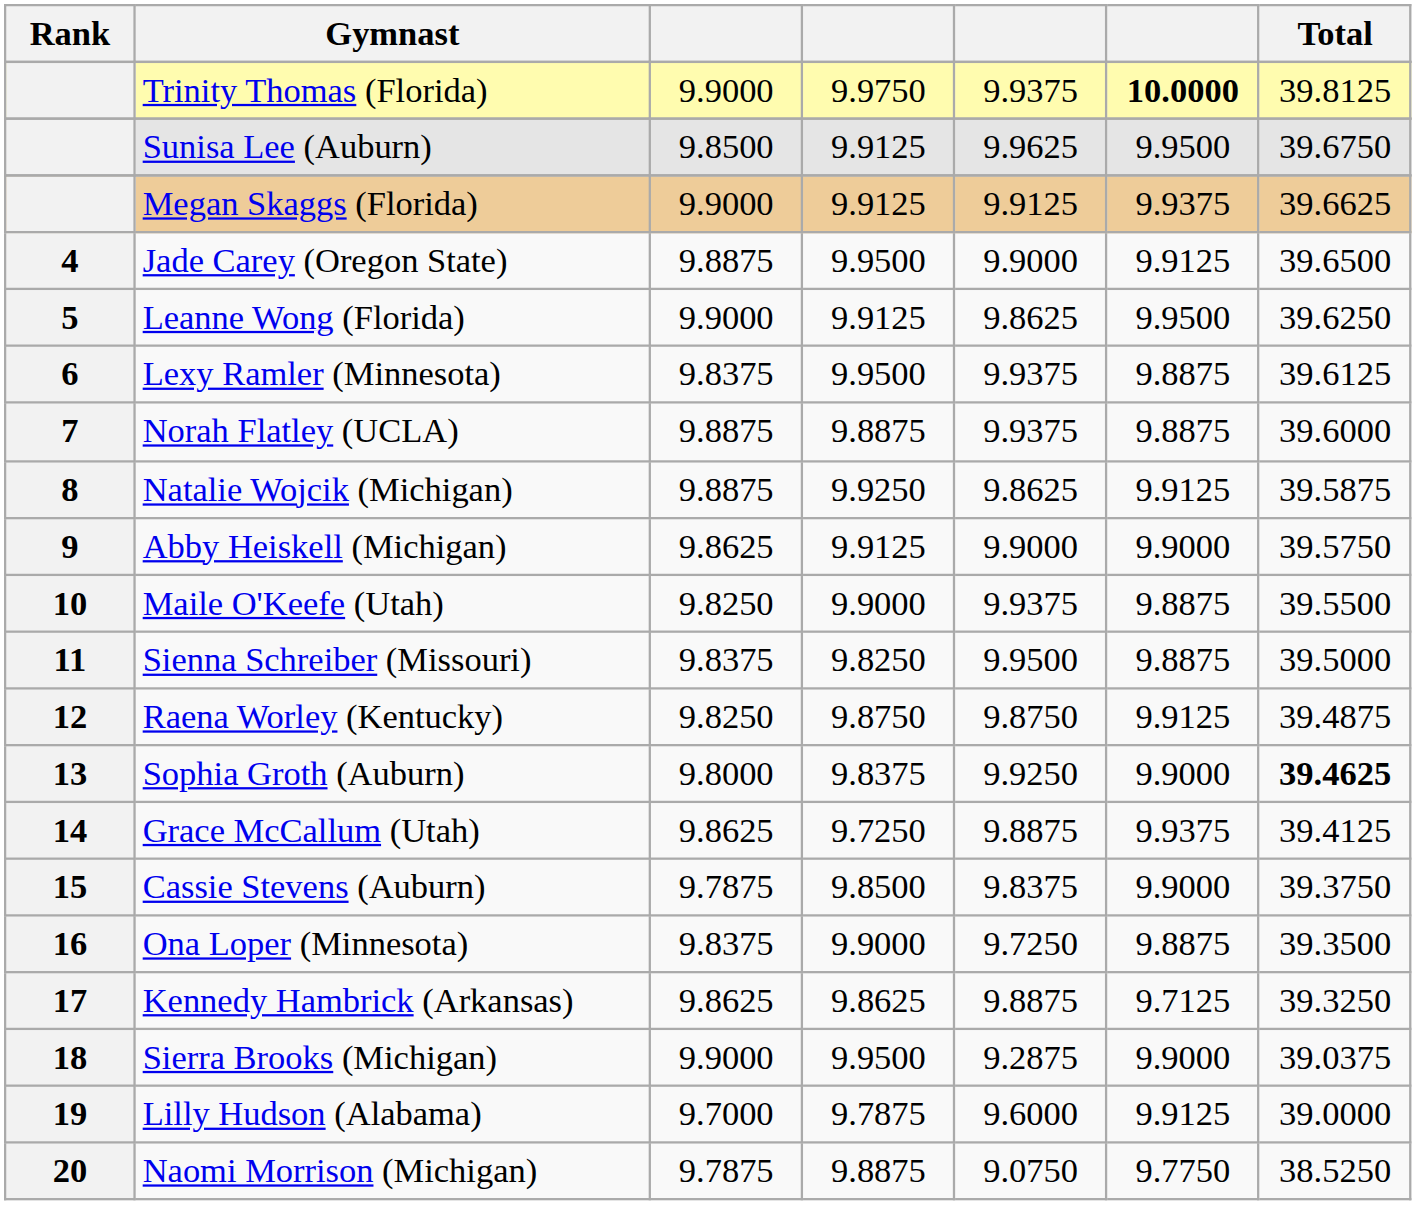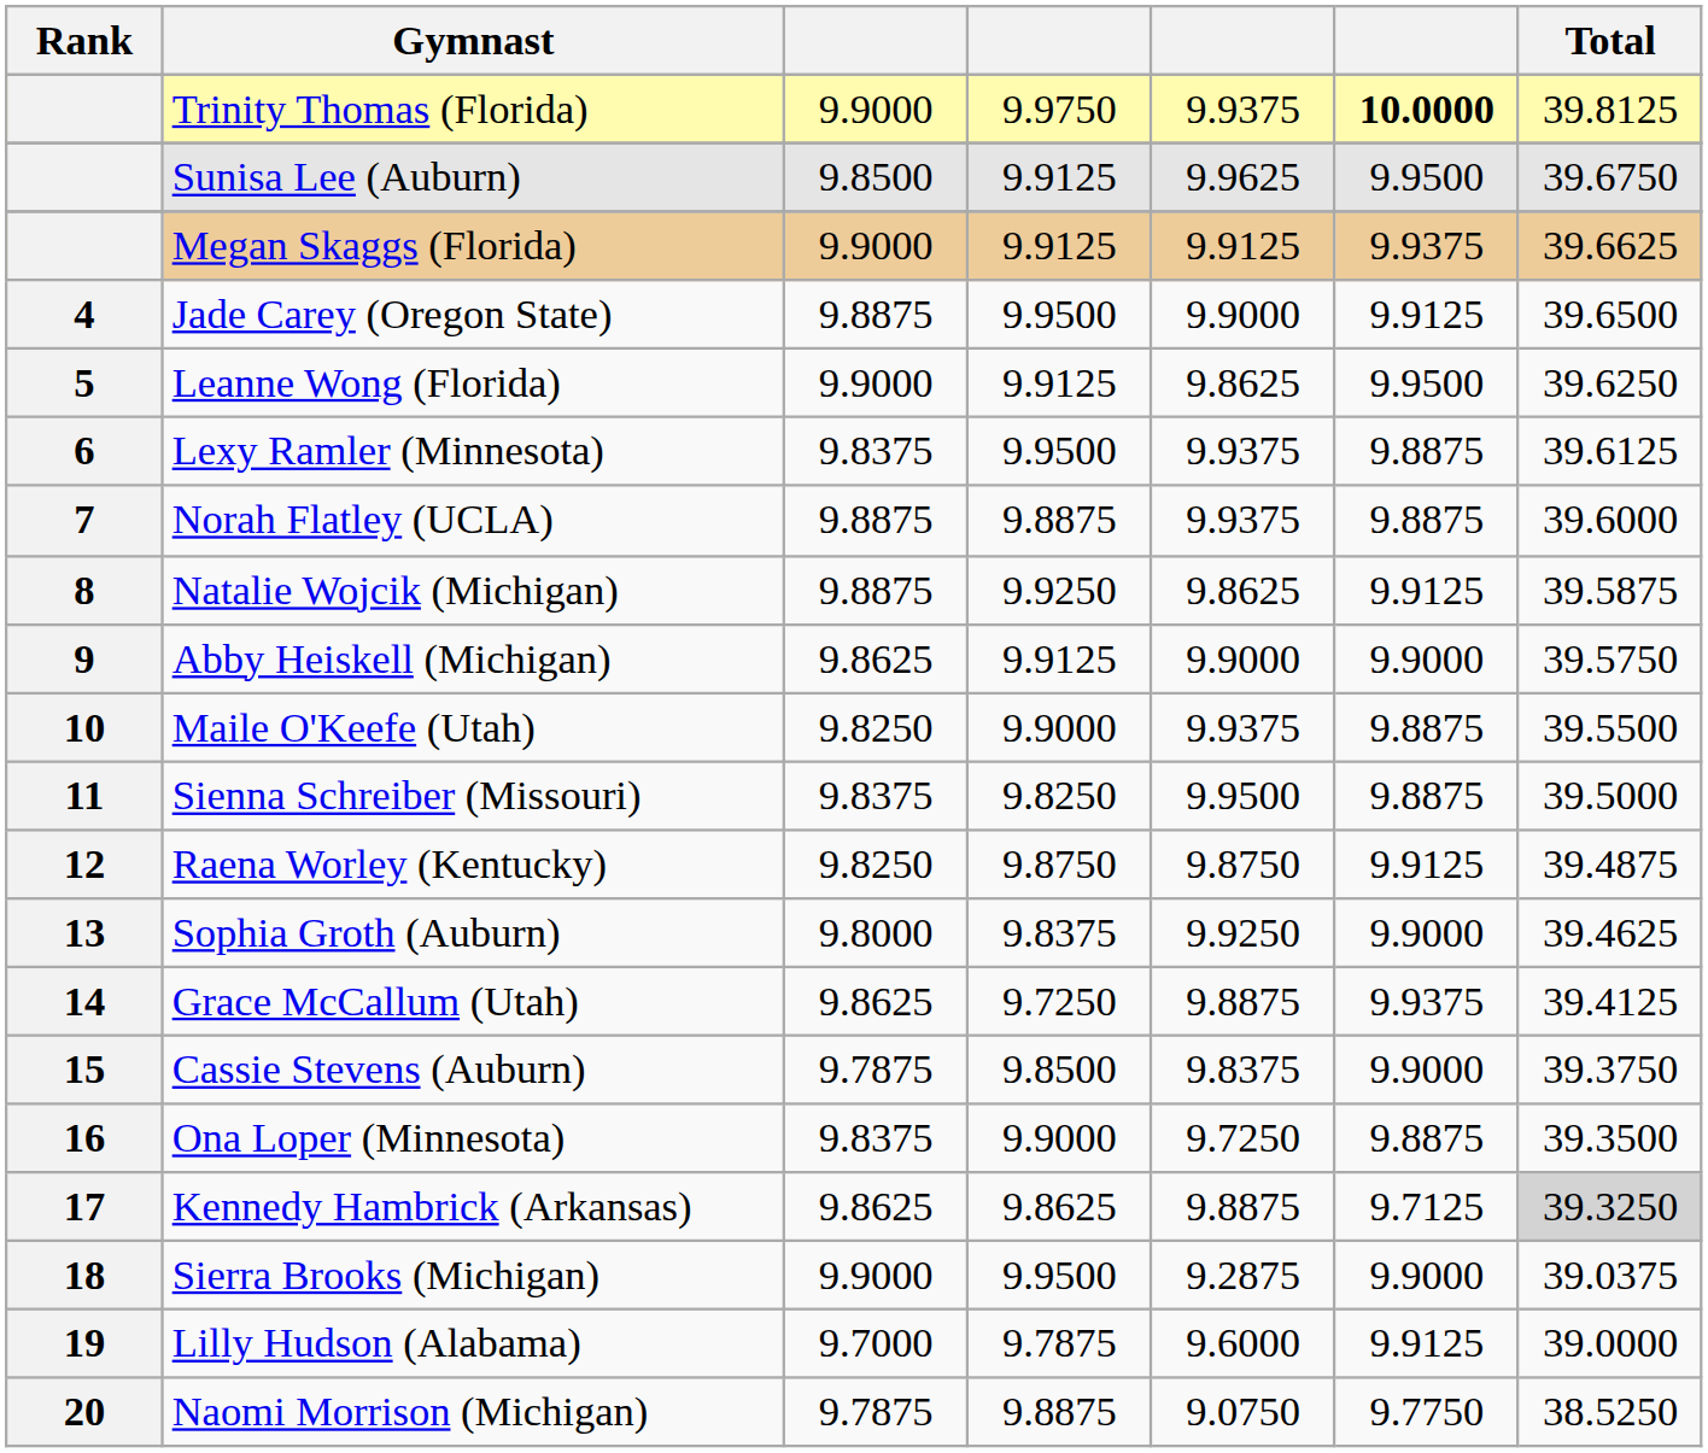 <table class="wikitable sortable" style="text-align:center; font-size:95%">
 <tr>
 <th scope="col" style="width:50px;">Rank</th>
 <th scope="col" style="width:220px;">Gymnast</th>
 <th scope="col" style="width:60px;"></th>
 <th scope="col" style="width:60px;"></th>
 <th scope="col" style="width:60px;"></th>
 <th scope="col" style="width:60px;"></th>
 <th scope="col" style="width:60px;">Total</th>
 </tr>
 <tr>
 </tr>
 <tr style="background:#fffcaf;">
 <th scope=row style="text-align:center"></th>
 <td style="text-align:left;"><a href='#'>Trinity Thomas</a> (Florida)</td>
 <td>9.9000</td>
 <td>9.9750</td>
 <td>9.9375</td>
 <td><strong>10.0000</strong></td>
 <td>39.8125</td>
 </tr>
 <tr>
 </tr>
 <tr style="background:#e5e5e5;">
 <th scope=row style="text-align:center"></th>
 <td style="text-align:left;"><a href='#'>Sunisa Lee</a> (Auburn)</td>
 <td>9.8500</td>
 <td>9.9125</td>
 <td>9.9625</td>
 <td>9.9500</td>
 <td>39.6750</td>
 </tr>
 <tr>
 </tr>
 <tr style="background:#ec9;">
 <th scope=row style="text-align:center"></th>
 <td style="text-align:left;"><a href='#'>Megan Skaggs</a> (Florida)</td>
 <td>9.9000</td>
 <td>9.9125</td>
 <td>9.9125</td>
 <td>9.9375</td>
 <td>39.6625</td>
 </tr>
 <tr>
 <th>4</th>
 <td style="text-align:left;"><a href='#'>Jade Carey</a> (Oregon State)</td>
 <td>9.8875</td>
 <td>9.9500</td>
 <td>9.9000</td>
 <td>9.9125</td>
 <td>39.6500</td>
 </tr>
 <tr>
 <th>5</th>
 <td style="text-align:left;"><a href='#'>Leanne Wong</a> (Florida)</td>
 <td>9.9000</td>
 <td>9.9125</td>
 <td>9.8625</td>
 <td>9.9500</td>
 <td>39.6250</td>
 </tr>
 <tr>
 <th>6</th>
 <td style="text-align:left;"><a href='#'>Lexy Ramler</a> (Minnesota)</td>
 <td>9.8375</td>
 <td>9.9500</td>
 <td>9.9375</td>
 <td>9.8875</td>
 <td>39.6125</td>
 </tr>
 <tr>
 <th>7</th>
 <td style="text-align:left;"><a href='#'>Norah Flatley</a> (UCLA)</td>
 <td>9.8875</td>
 <td>9.8875</td>
 <td>9.9375</td>
 <td>9.8875</td>
 <td>39.6000</td>
 </tr>
 <tr>
 <th>8</th>
 <td style="text-align:left;"><a href='#'>Natalie Wojcik</a> (Michigan)</td>
 <td>9.8875</td>
 <td>9.9250</td>
 <td>9.8625</td>
 <td>9.9125</td>
 <td>39.5875</td>
 </tr>
 <tr>
 <th>9</th>
 <td style="text-align:left;"><a href='#'>Abby Heiskell</a> (Michigan)</td>
 <td>9.8625</td>
 <td>9.9125</td>
 <td>9.9000</td>
 <td>9.9000</td>
 <td>39.5750</td>
 </tr>
 <tr>
 <th>10</th>
 <td style="text-align:left;"><a href='#'>Maile O'Keefe</a> (Utah)</td>
 <td>9.8250</td>
 <td>9.9000</td>
 <td>9.9375</td>
 <td>9.8875</td>
 <td>39.5500</td>
 </tr>
 <tr>
 <th>11</th>
 <td style="text-align:left;"><a href='#'>Sienna Schreiber</a> (Missouri)</td>
 <td>9.8375</td>
 <td>9.8250</td>
 <td>9.9500</td>
 <td>9.8875</td>
 <td>39.5000</td>
 </tr>
 <tr>
 <th>12</th>
 <td style="text-align:left;"><a href='#'>Raena Worley</a> (Kentucky)</td>
 <td>9.8250</td>
 <td>9.8750</td>
 <td>9.8750</td>
 <td>9.9125</td>
 <td>39.4875</td>
 </tr>
 <tr>
 <th>13</th>
 <td style="text-align:left;"><a href='#'>Sophia Groth</a> (Auburn)</td>
 <td>9.8000</td>
 <td>9.8375</td>
 <td>9.9250</td>
 <td>9.9000</td>
-<td><strong>39.4625</strong></td>
+<td>39.4625</td>
 </tr>
 <tr>
 <th>14</th>
 <td style="text-align:left;"><a href='#'>Grace McCallum</a> (Utah)</td>
 <td>9.8625</td>
 <td>9.7250</td>
 <td>9.8875</td>
 <td>9.9375</td>
 <td>39.4125</td>
 </tr>
 <tr>
 <th>15</th>
 <td style="text-align:left;"><a href='#'>Cassie Stevens</a> (Auburn)</td>
 <td>9.7875</td>
 <td>9.8500</td>
 <td>9.8375</td>
 <td>9.9000</td>
 <td>39.3750</td>
 </tr>
 <tr>
 <th>16</th>
 <td style="text-align:left;"><a href='#'>Ona Loper</a> (Minnesota)</td>
 <td>9.8375</td>
 <td>9.9000</td>
 <td>9.7250</td>
 <td>9.8875</td>
 <td>39.3500</td>
 </tr>
 <tr>
 <th>17</th>
 <td style="text-align:left;"><a href='#'>Kennedy Hambrick</a> (Arkansas)</td>
 <td>9.8625</td>
 <td>9.8625</td>
 <td>9.8875</td>
 <td>9.7125</td>
-<td>39.3250</td>
+<td style="background: lightgrey;">39.3250</td>
 </tr>
 <tr>
 <th>18</th>
 <td style="text-align:left;"><a href='#'>Sierra Brooks</a> (Michigan)</td>
 <td>9.9000</td>
 <td>9.9500</td>
 <td>9.2875</td>
 <td>9.9000</td>
 <td>39.0375</td>
 </tr>
 <tr>
 <th>19</th>
 <td style="text-align:left;"><a href='#'>Lilly Hudson</a> (Alabama)</td>
 <td>9.7000</td>
 <td>9.7875</td>
 <td>9.6000</td>
 <td>9.9125</td>
 <td>39.0000</td>
 </tr>
 <tr>
 <th>20</th>
 <td style="text-align:left;"><a href='#'>Naomi Morrison</a> (Michigan)</td>
 <td>9.7875</td>
 <td>9.8875</td>
 <td>9.0750</td>
 <td>9.7750</td>
 <td>38.5250</td>
 </tr>
 </table>
